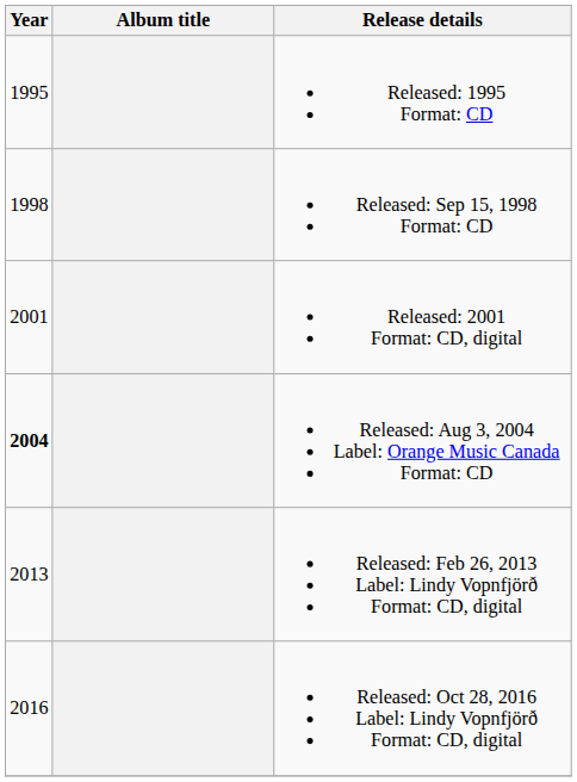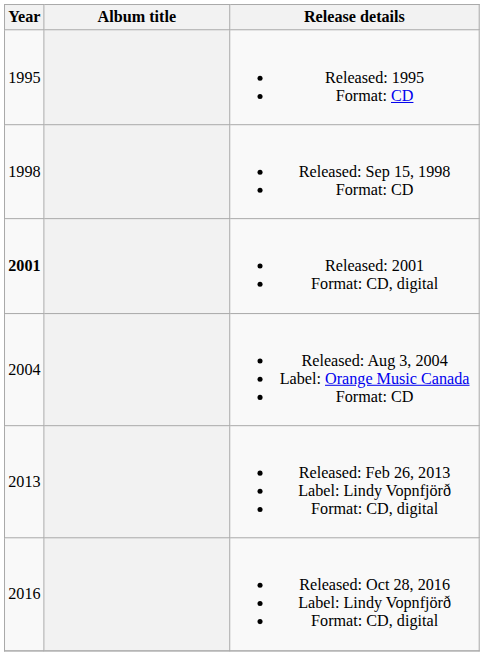 <table class="wikitable plainrowheaders" style="text-align:center;">
 <tr>
 <th>Year</th>
 <th scope="col" rowspan="1" style="width:11em;">Album title</th>
 <th scope="col" rowspan="1" style="width:15em;">Release details</th>
 </tr>
 <tr>
 <td>1995</td>
 <th></th>
 <td><br><ul><li>Released: 1995</li><li>Format: <a href='#'>CD</a></li></ul></td>
 </tr>
 <tr>
 <td>1998</td>
 <th></th>
 <td><br><ul><li>Released: Sep 15, 1998</li><li>Format: CD</li></ul></td>
 </tr>
 <tr>
-<td>2001</td>
+<td><strong>2001</strong></td>
 <th></th>
 <td><br><ul><li>Released: 2001</li><li>Format: CD, digital</li></ul></td>
 </tr>
 <tr>
-<td><strong>2004</strong></td>
+<td>2004</td>
 <th></th>
 <td><br><ul><li>Released: Aug 3, 2004</li><li>Label: <a href='#'>Orange Music Canada</a></li><li>Format: CD</li></ul></td>
 </tr>
 <tr>
 <td>2013</td>
 <th></th>
 <td><br><ul><li>Released: Feb 26, 2013</li><li>Label: Lindy Vopnfjörð</li><li>Format: CD, digital</li></ul></td>
 </tr>
 <tr>
 <td>2016</td>
 <th></th>
 <td><br><ul><li>Released: Oct 28, 2016</li><li>Label: Lindy Vopnfjörð</li><li>Format: CD, digital</li></ul></td>
 </tr>
 <tr>
 </tr>
 </table>
